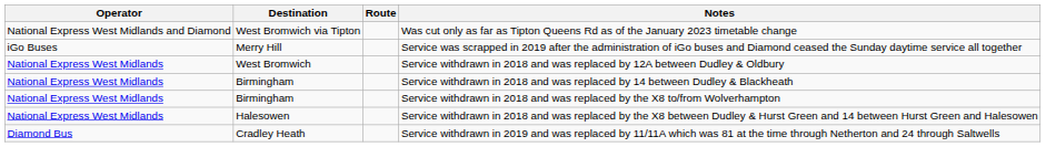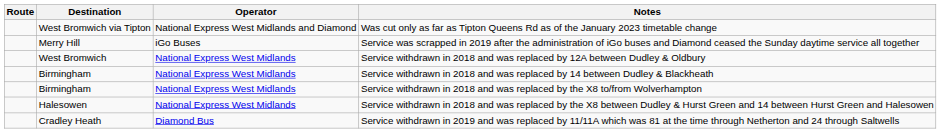 <table class="wikitable sortable">
 <tr>
+<th>Route</th>
+<th>Destination</th>
 <th>Operator</th>
-<th>Destination</th>
-<th>Route</th>
 <th>Notes</th>
 </tr>
 <tr>
+<td><strong></strong></td>
+<td>West Bromwich via Tipton</td>
 <td>National Express West Midlands and Diamond</td>
-<td>West Bromwich via Tipton</td>
-<td><strong></strong></td>
 <td>Was cut only as far as Tipton Queens Rd as of the January 2023 timetable change</td>
 </tr>
 <tr>
+<td><strong></strong></td>
+<td>Merry Hill</td>
 <td>iGo Buses</td>
-<td>Merry Hill</td>
-<td><strong></strong></td>
 <td>Service was scrapped in 2019 after the administration of iGo buses and Diamond ceased the Sunday daytime service all together</td>
 </tr>
 <tr>
+<td><strong></strong></td>
+<td>West Bromwich</td>
 <td><a href='#'>National Express West Midlands</a></td>
-<td>West Bromwich</td>
-<td><strong></strong></td>
 <td>Service withdrawn in 2018 and was replaced by 12A between Dudley & Oldbury</td>
 </tr>
 <tr>
+<td><strong></strong></td>
+<td>Birmingham</td>
 <td><a href='#'>National Express West Midlands</a></td>
-<td>Birmingham</td>
-<td><strong></strong></td>
 <td>Service withdrawn in 2018 and was replaced by 14 between Dudley & Blackheath</td>
 </tr>
 <tr>
+<td><strong></strong></td>
+<td>Birmingham</td>
 <td><a href='#'>National Express West Midlands</a></td>
-<td>Birmingham</td>
-<td><strong></strong></td>
 <td>Service withdrawn in 2018 and was replaced by the X8 to/from Wolverhampton</td>
 </tr>
 <tr>
+<td><strong></strong></td>
+<td>Halesowen</td>
 <td><a href='#'>National Express West Midlands</a></td>
-<td>Halesowen</td>
-<td><strong></strong></td>
 <td>Service withdrawn in 2018 and was replaced by the X8 between Dudley & Hurst Green and 14 between Hurst Green and Halesowen</td>
 </tr>
 <tr>
+<td><strong></strong></td>
+<td>Cradley Heath</td>
 <td><a href='#'>Diamond Bus</a></td>
-<td>Cradley Heath</td>
-<td><strong></strong></td>
 <td>Service withdrawn in 2019 and was replaced by 11/11A which was 81 at the time through Netherton and 24 through Saltwells</td>
 </tr>
 </table>
